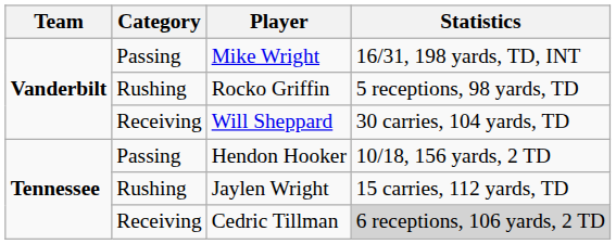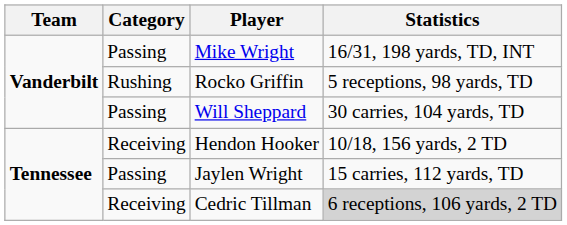 <table class="wikitable" style="float: right;">
 <tr>
 <th>Team</th>
 <th>Category</th>
 <th>Player</th>
 <th>Statistics</th>
 </tr>
 <tr>
 <td rowspan=3><strong>Vanderbilt</strong></td>
 <td>Passing</td>
 <td><a href='#'>Mike Wright</a></td>
 <td>16/31, 198 yards, TD, INT</td>
 </tr>
 <tr>
 <td>Rushing</td>
 <td>Rocko Griffin</td>
 <td>5 receptions, 98 yards, TD</td>
 </tr>
 <tr>
-<td>Receiving</td>
+<td>Passing</td>
 <td><a href='#'>Will Sheppard</a></td>
 <td>30 carries, 104 yards, TD</td>
 </tr>
 <tr>
 <td rowspan=3><strong>Tennessee</strong></td>
-<td>Passing</td>
+<td>Receiving</td>
 <td>Hendon Hooker</td>
 <td>10/18, 156 yards, 2 TD</td>
 </tr>
 <tr>
-<td>Rushing</td>
+<td>Passing</td>
 <td>Jaylen Wright</td>
 <td>15 carries, 112 yards, TD</td>
 </tr>
 <tr>
 <td>Receiving</td>
 <td>Cedric Tillman</td>
 <td style="background: lightgrey;">6 receptions, 106 yards, 2 TD</td>
 </tr>
 </table>
